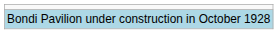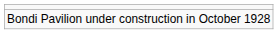 <table class="wikitable" border="1">
 <tr>
 <td></td>
 </tr>
 <tr>
-<td style="background: lightblue;">Bondi Pavilion under construction in October 1928</td>
+<td>Bondi Pavilion under construction in October 1928</td>
 </tr>
 </table>
